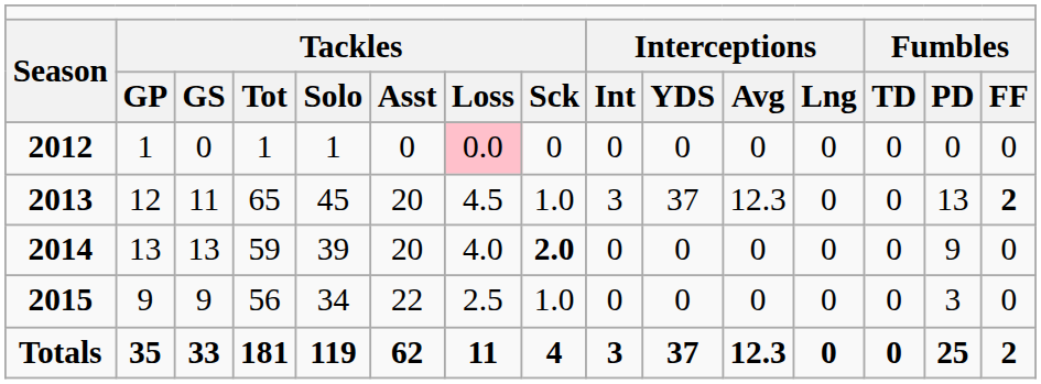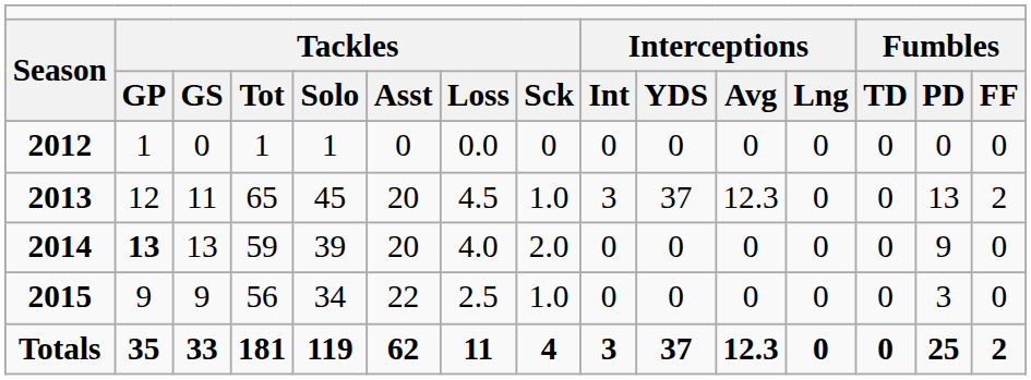 <table class=wikitable style="text-align:center;">
 <tr>
 <td ! colspan="15"></td>
 </tr>
 <tr>
 <th rowspan=2>Season</th>
 <th colspan=7>Tackles</th>
 <th colspan=4>Interceptions</th>
 <th colspan=3>Fumbles</th>
 </tr>
 <tr>
 <th>GP</th>
 <th>GS</th>
 <th>Tot</th>
 <th>Solo</th>
 <th>Asst</th>
 <th>Loss</th>
 <th>Sck</th>
 <th>Int</th>
 <th>YDS</th>
 <th>Avg</th>
 <th>Lng</th>
 <th>TD</th>
 <th>PD</th>
 <th>FF</th>
 </tr>
 <tr>
 <td><strong>2012</strong></td>
 <td>1</td>
 <td>0</td>
 <td>1</td>
 <td>1</td>
 <td>0</td>
-<td style="background: pink;">0.0</td>
+<td>0.0</td>
 <td>0</td>
 <td>0</td>
 <td>0</td>
 <td>0</td>
 <td>0</td>
 <td>0</td>
 <td>0</td>
 <td>0</td>
 </tr>
 <tr>
 <td><strong>2013</strong></td>
 <td>12</td>
 <td>11</td>
 <td>65</td>
 <td>45</td>
 <td>20</td>
 <td>4.5</td>
 <td>1.0</td>
 <td>3</td>
 <td>37</td>
 <td>12.3</td>
 <td>0</td>
 <td>0</td>
 <td>13</td>
-<td><strong>2</strong></td>
+<td>2</td>
 </tr>
 <tr>
 <td><strong>2014</strong></td>
-<td>13</td>
+<td><strong>13</strong></td>
 <td>13</td>
 <td>59</td>
 <td>39</td>
 <td>20</td>
 <td>4.0</td>
-<td><strong>2.0</strong></td>
+<td>2.0</td>
 <td>0</td>
 <td>0</td>
 <td>0</td>
 <td>0</td>
 <td>0</td>
 <td>9</td>
 <td>0</td>
 </tr>
 <tr>
 <td><strong>2015</strong></td>
 <td>9</td>
 <td>9</td>
 <td>56</td>
 <td>34</td>
 <td>22</td>
 <td>2.5</td>
 <td>1.0</td>
 <td>0</td>
 <td>0</td>
 <td>0</td>
 <td>0</td>
 <td>0</td>
 <td>3</td>
 <td>0</td>
 </tr>
 <tr>
 <td><strong>Totals</strong></td>
 <td><strong>35</strong></td>
 <td><strong>33</strong></td>
 <td><strong>181</strong></td>
 <td><strong>119</strong></td>
 <td><strong>62</strong></td>
 <td><strong>11</strong></td>
 <td><strong>4</strong></td>
 <td><strong>3</strong></td>
 <td><strong>37</strong></td>
 <td><strong>12.3</strong></td>
 <td><strong>0</strong></td>
 <td><strong>0</strong></td>
 <td><strong>25</strong></td>
 <td><strong>2</strong></td>
 </tr>
 </table>
